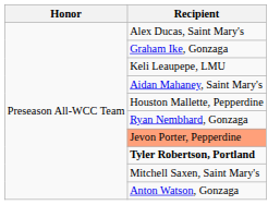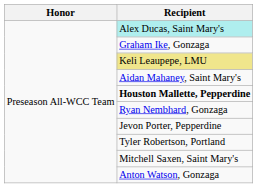 <table class="wikitable">
 <tr>
 <th>Honor</th>
 <th>Recipient</th>
 </tr>
 <tr>
 <td rowspan="10">Preseason All-WCC Team</td>
-<td>Alex Ducas, Saint Mary's</td>
+<td style="background: paleturquoise;">Alex Ducas, Saint Mary's</td>
 </tr>
 <tr>
 <td><a href='#'>Graham Ike</a>, Gonzaga</td>
 </tr>
 <tr>
-<td>Keli Leaupepe, LMU</td>
+<td style="background: khaki;">Keli Leaupepe, LMU</td>
 </tr>
 <tr>
 <td><a href='#'>Aidan Mahaney</a>, Saint Mary's</td>
 </tr>
 <tr>
-<td>Houston Mallette, Pepperdine</td>
+<td><strong>Houston Mallette, Pepperdine</strong></td>
 </tr>
 <tr>
 <td><a href='#'>Ryan Nembhard</a>, Gonzaga</td>
 </tr>
 <tr>
-<td style="background: lightsalmon;">Jevon Porter, Pepperdine</td>
+<td>Jevon Porter, Pepperdine</td>
 </tr>
 <tr>
-<td><strong>Tyler Robertson, Portland</strong></td>
+<td>Tyler Robertson, Portland</td>
 </tr>
 <tr>
 <td>Mitchell Saxen, Saint Mary's</td>
 </tr>
 <tr>
 <td><a href='#'>Anton Watson</a>, Gonzaga</td>
 </tr>
 </table>
